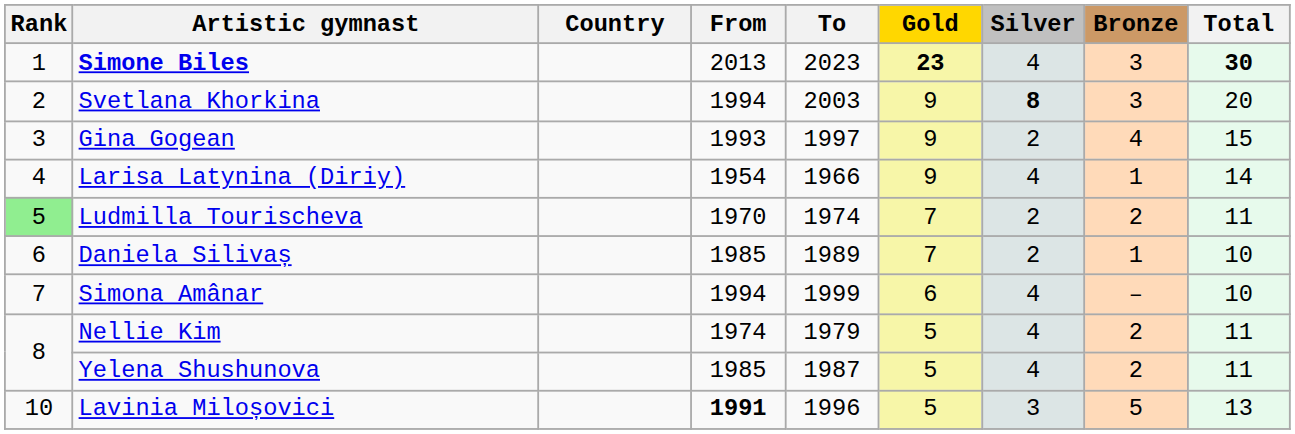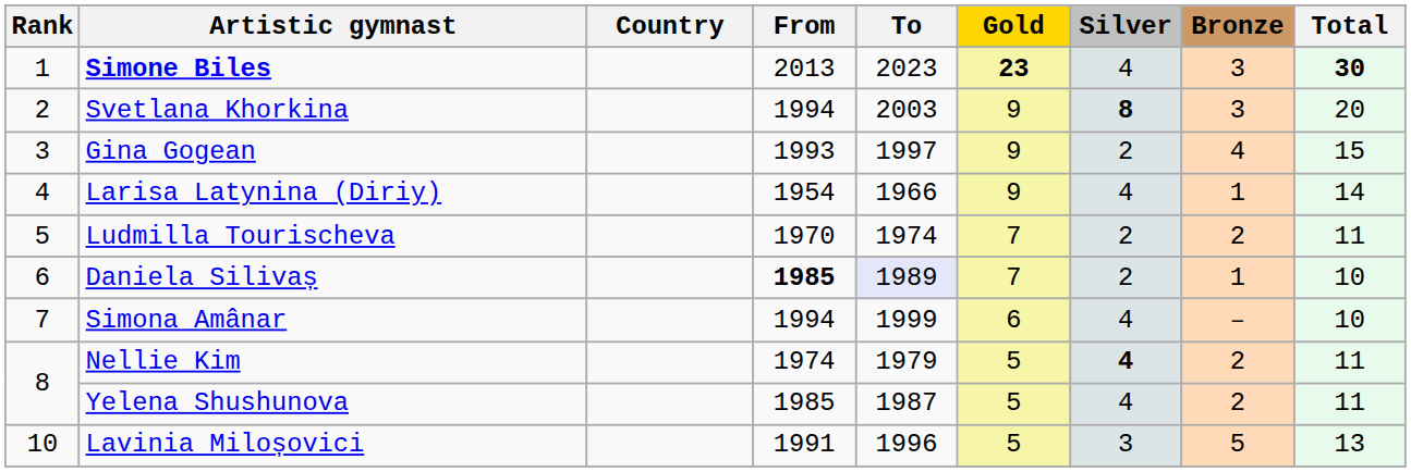 <table class="wikitable plainrowheaders" width=80% style="text-align:center;">
 <tr style="background-color:#EDEDED;">
 <th class="hintergrundfarbe5" style="width:1em">Rank</th>
 <th class="hintergrundfarbe5">Artistic gymnast</th>
 <th class="hintergrundfarbe5">Country</th>
 <th class="hintergrundfarbe5">From</th>
 <th class="hintergrundfarbe5">To</th>
 <th style="background:    gold; width:8%">Gold</th>
 <th style="background:  silver; width:8%">Silver</th>
 <th style="background: #CC9966; width:8%">Bronze</th>
 <th class="hintergrundfarbe5" style="width:8%">Total</th>
 </tr>
 <tr>
 <td>1</td>
 <td style="text-align: left;"><strong><a href='#'>Simone Biles</a></strong></td>
 <td style="text-align: left;"></td>
 <td>2013</td>
 <td>2023</td>
 <td bgcolor="#F7F6A8"><strong>23</strong></td>
 <td bgcolor="#DCE5E5">4</td>
 <td bgcolor="#FFDAB9">3</td>
 <td bgcolor="#E7FAEC"><strong>30</strong></td>
 </tr>
 <tr style="text-align: center;">
 <td>2</td>
 <td style="text-align: left;"><a href='#'>Svetlana Khorkina</a></td>
 <td style="text-align: left;"></td>
 <td>1994</td>
 <td>2003</td>
 <td bgcolor="#F7F6A8">9</td>
 <td bgcolor="#DCE5E5"><strong>8</strong></td>
 <td bgcolor="#FFDAB9">3</td>
 <td bgcolor="#E7FAEC">20</td>
 </tr>
 <tr style="text-align: center;">
 <td>3</td>
 <td style="text-align: left;"><a href='#'>Gina Gogean</a></td>
 <td style="text-align: left;"></td>
 <td>1993</td>
 <td>1997</td>
 <td bgcolor="#F7F6A8">9</td>
 <td bgcolor="#DCE5E5">2</td>
 <td bgcolor="#FFDAB9">4</td>
 <td bgcolor="#E7FAEC">15</td>
 </tr>
 <tr style="text-align: center;">
 <td>4</td>
 <td style="text-align: left;"><a href='#'>Larisa Latynina (Diriy)</a></td>
 <td style="text-align: left;"></td>
 <td>1954</td>
 <td>1966</td>
 <td bgcolor="#F7F6A8">9</td>
 <td bgcolor="#DCE5E5">4</td>
 <td bgcolor="#FFDAB9">1</td>
 <td bgcolor="#E7FAEC">14</td>
 </tr>
 <tr style="text-align: center;">
-<td style="background: lightgreen;">5</td>
+<td>5</td>
 <td style="text-align: left;"><a href='#'>Ludmilla Tourischeva</a></td>
 <td style="text-align: left;"></td>
 <td>1970</td>
 <td>1974</td>
 <td bgcolor="#F7F6A8">7</td>
 <td bgcolor="#DCE5E5">2</td>
 <td bgcolor="#FFDAB9">2</td>
 <td bgcolor="#E7FAEC">11</td>
 </tr>
 <tr style="text-align: center;">
 <td>6</td>
 <td style="text-align: left;"><a href='#'>Daniela Silivaș</a></td>
 <td style="text-align: left;"></td>
-<td>1985</td>
-<td>1989</td>
+<td><strong>1985</strong></td>
+<td style="background: lavender;">1989</td>
 <td bgcolor="#F7F6A8">7</td>
 <td bgcolor="#DCE5E5">2</td>
 <td bgcolor="#FFDAB9">1</td>
 <td bgcolor="#E7FAEC">10</td>
 </tr>
 <tr style="text-align: center;">
 <td>7</td>
 <td style="text-align: left;"><a href='#'>Simona Amânar</a></td>
 <td style="text-align: left;"></td>
 <td>1994</td>
 <td>1999</td>
 <td bgcolor="#F7F6A8">6</td>
 <td bgcolor="#DCE5E5">4</td>
 <td bgcolor="#FFDAB9">–</td>
 <td bgcolor="#E7FAEC">10</td>
 </tr>
 <tr style="text-align: center;">
 <td rowspan="2">8</td>
 <td style="text-align: left;"><a href='#'>Nellie Kim</a></td>
 <td style="text-align: left;"></td>
 <td>1974</td>
 <td>1979</td>
 <td bgcolor="#F7F6A8">5</td>
-<td bgcolor="#DCE5E5">4</td>
+<td bgcolor="#DCE5E5"><strong>4</strong></td>
 <td bgcolor="#FFDAB9">2</td>
 <td bgcolor="#E7FAEC">11</td>
 </tr>
 <tr style="text-align: center;">
 <td style="text-align: left;"><a href='#'>Yelena Shushunova</a></td>
 <td style="text-align: left;"></td>
 <td>1985</td>
 <td>1987</td>
 <td bgcolor="#F7F6A8">5</td>
 <td bgcolor="#DCE5E5">4</td>
 <td bgcolor="#FFDAB9">2</td>
 <td bgcolor="#E7FAEC">11</td>
 </tr>
 <tr style="text-align: center;">
 <td>10</td>
 <td style="text-align: left;"><a href='#'>Lavinia Miloșovici</a></td>
 <td style="text-align: left;"></td>
-<td><strong>1991</strong></td>
+<td>1991</td>
 <td>1996</td>
 <td bgcolor="#F7F6A8">5</td>
 <td bgcolor="#DCE5E5">3</td>
 <td bgcolor="#FFDAB9">5</td>
 <td bgcolor="#E7FAEC">13</td>
 </tr>
 </table>
